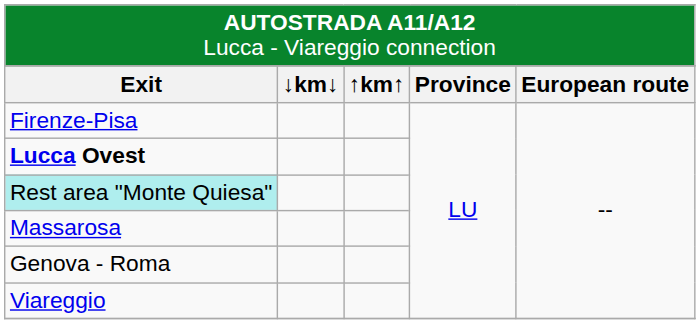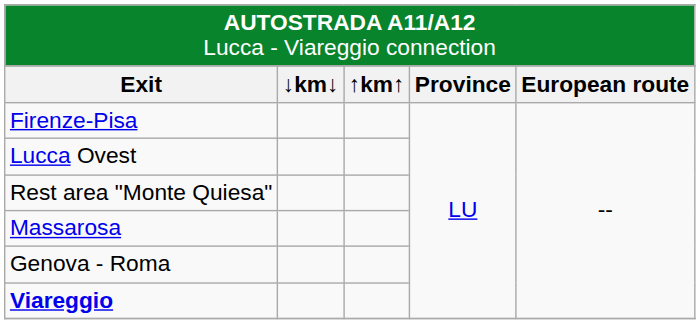 <table class="wikitable">
 <tr align="center" style="color: white;font-size:100%;" bgcolor="#08842c">
 <td colspan="6"><strong> AUTOSTRADA A11/A12</strong><br>Lucca - Viareggio connection</td>
 </tr>
 <tr>
 </tr>
 <tr>
 <th><strong>Exit</strong></th>
 <th align="center"><strong>↓km↓</strong></th>
 <th align="center"><strong>↑km↑</strong></th>
 <th align="center"><strong>Province</strong></th>
 <th align="center"><strong>European route</strong></th>
 </tr>
 <tr>
 <td>   <a href='#'>Firenze-Pisa</a></td>
 <td align="right"></td>
 <td align="right"></td>
 <td align="center" rowspan=6><a href='#'>LU</a></td>
 <td align="center" rowspan=6>--</td>
 </tr>
 <tr>
-<td><strong> <a href='#'>Lucca</a> Ovest</strong></td>
+<td> <a href='#'>Lucca</a> Ovest</td>
 <td align="right"></td>
 <td align="right"></td>
 </tr>
 <tr>
-<td style="background: paleturquoise;">  Rest area "Monte Quiesa"</td>
+<td>  Rest area "Monte Quiesa"</td>
 <td align="right"></td>
 <td align="right"></td>
 </tr>
 <tr>
 <td> <a href='#'>Massarosa</a></td>
 <td align="right"></td>
 <td align="right"></td>
 </tr>
 <tr>
 <td>  Genova - Roma</td>
 <td align="right"></td>
 <td align="right"></td>
 </tr>
 <tr>
-<td> <a href='#'>Viareggio</a></td>
+<td><strong> <a href='#'>Viareggio</a></strong></td>
 <td align="right"></td>
 <td align="right"></td>
 </tr>
 <tr>
 </tr>
 </table>
